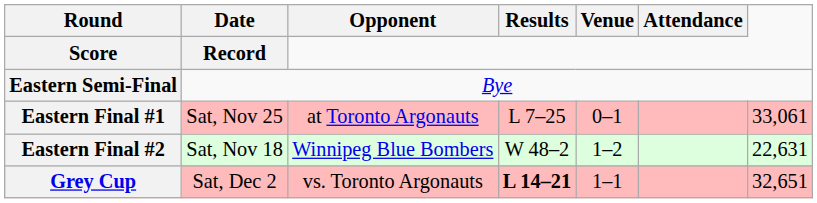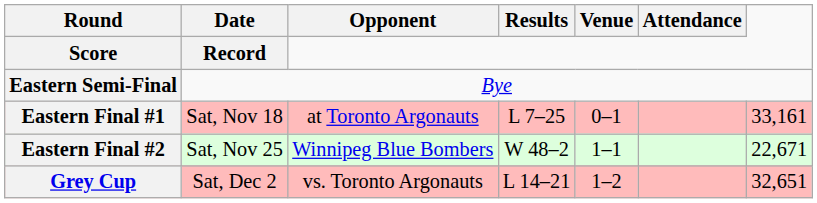 <table class="wikitable" style="text-align:center">
 <tr>
 <th>Round</th>
 <th>Date</th>
 <th>Opponent</th>
 <th>Results</th>
 <th>Venue</th>
 <th>Attendance</th>
 </tr>
 <tr>
 <th>Score</th>
 <th>Record</th>
 </tr>
 <tr>
 <th>Eastern Semi-Final</th>
 <td colspan=7><em><a href='#'>Bye</a></em></td>
 </tr>
 <tr style="background:#ffbbbb">
 <th>Eastern Final #1</th>
-<td>Sat, Nov 25</td>
+<td>Sat, Nov 18</td>
 <td>at <a href='#'>Toronto Argonauts</a></td>
 <td>L 7–25</td>
 <td>0–1</td>
 <td></td>
-<td>33,061</td>
+<td>33,161</td>
 </tr>
 <tr style="background:#ddffdd">
 <th>Eastern Final #2</th>
-<td>Sat, Nov 18</td>
+<td>Sat, Nov 25</td>
 <td><a href='#'>Winnipeg Blue Bombers</a></td>
 <td>W 48–2</td>
-<td>1–2</td>
+<td>1–1</td>
 <td></td>
-<td>22,631</td>
+<td>22,671</td>
 </tr>
 <tr style="background:#ffbbbb">
 <th><a href='#'>Grey Cup</a></th>
 <td>Sat, Dec 2</td>
 <td>vs. Toronto Argonauts</td>
-<td><strong>L 14–21 </strong></td>
-<td>1–1</td>
+<td>L 14–21 </td>
+<td>1–2</td>
 <td></td>
 <td>32,651</td>
 </tr>
 </table>
